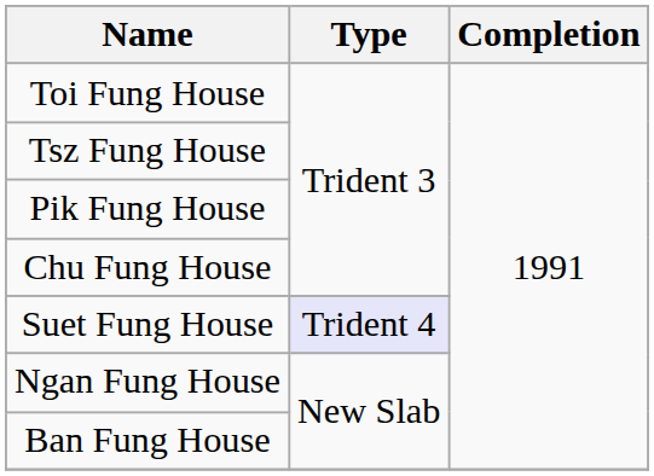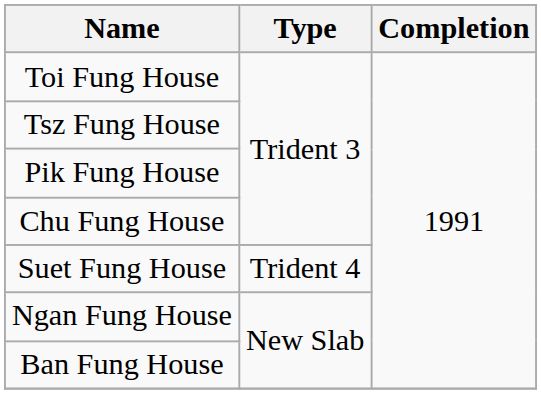 <table class="wikitable" style="text-align: center">
 <tr>
 <th>Name</th>
 <th>Type</th>
 <th>Completion</th>
 </tr>
 <tr>
 <td>Toi Fung House</td>
 <td rowspan="4">Trident 3</td>
 <td rowspan="7">1991</td>
 </tr>
 <tr>
 <td>Tsz Fung House</td>
 </tr>
 <tr>
 <td>Pik Fung House</td>
 </tr>
 <tr>
 <td>Chu Fung House</td>
 </tr>
 <tr>
 <td>Suet Fung House</td>
-<td rowspan="1" style="background: lavender;">Trident 4</td>
+<td rowspan="1">Trident 4</td>
 </tr>
 <tr>
 <td>Ngan Fung House</td>
 <td rowspan="2">New Slab</td>
 </tr>
 <tr>
 <td>Ban Fung House</td>
 </tr>
 <tr>
 </tr>
 </table>
